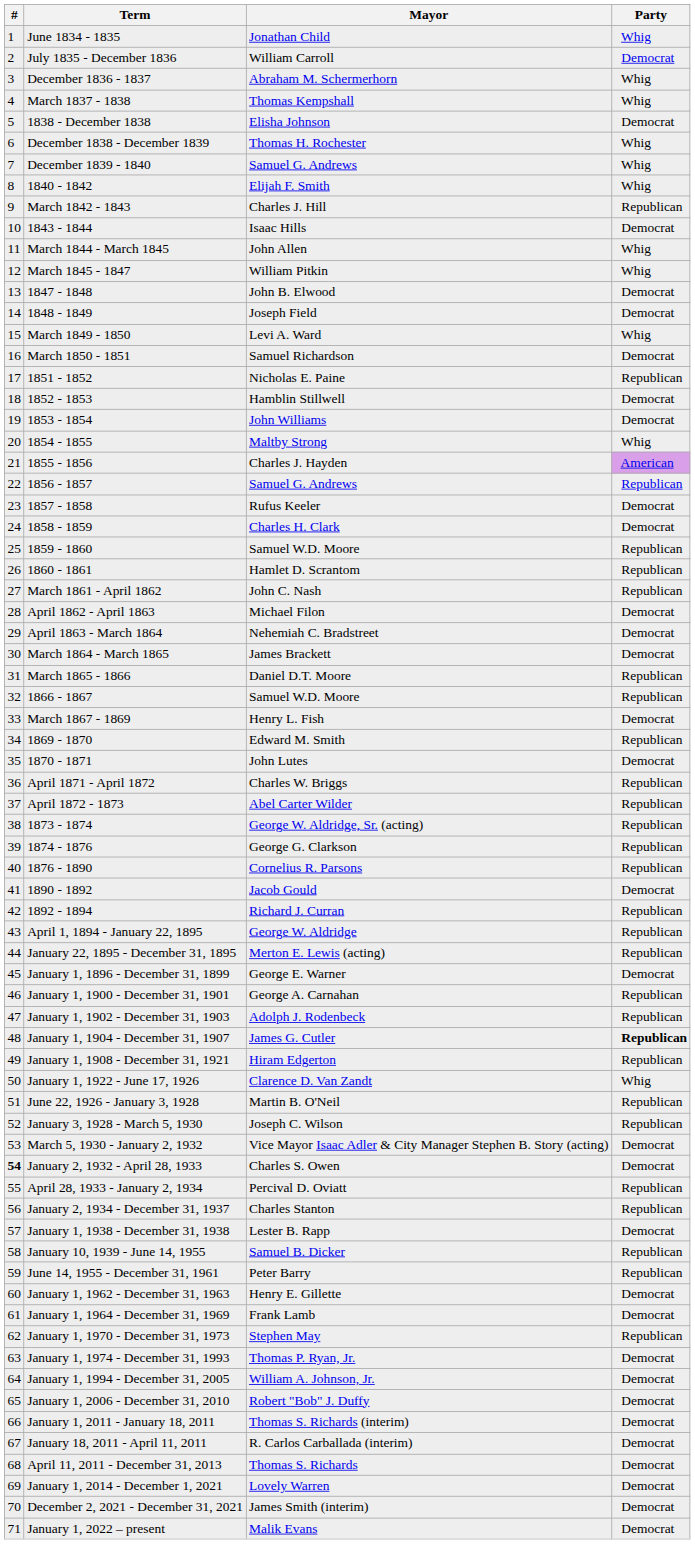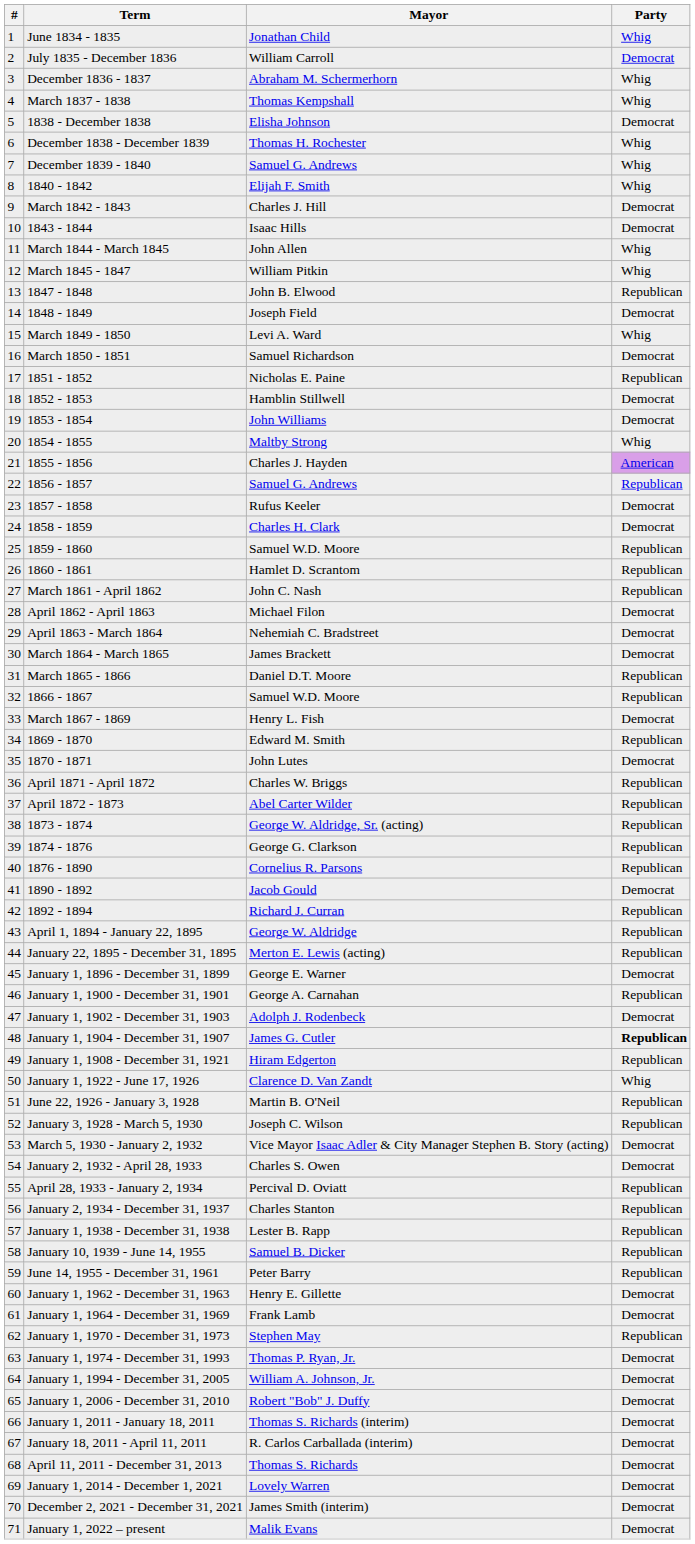 <table style="margin: 1em 1em 1em 0; background: #eeeeee; border: 1px #eee solid; border-collapse: collapse; font-size: 100%" class="wikitable">
 <tr>
 <th>#</th>
 <th>Term</th>
 <th>Mayor</th>
 <th>Party</th>
 </tr>
 <tr>
 <td>1</td>
 <td>June 1834 - 1835</td>
 <td><a href='#'>Jonathan Child</a></td>
 <td style="background: ">  <a href='#'>Whig</a></td>
 </tr>
 <tr>
 <td>2</td>
 <td>July 1835 - December 1836</td>
 <td>William Carroll</td>
 <td style="background: ">  <a href='#'>Democrat</a></td>
 </tr>
 <tr>
 <td>3</td>
 <td>December 1836 - 1837</td>
 <td><a href='#'>Abraham M. Schermerhorn</a></td>
 <td style="background: ">  Whig</td>
 </tr>
 <tr>
 <td>4</td>
 <td>March 1837 - 1838</td>
 <td><a href='#'>Thomas Kempshall</a></td>
 <td style="background: ">  Whig</td>
 </tr>
 <tr>
 <td>5</td>
 <td>1838 - December 1838</td>
 <td><a href='#'>Elisha Johnson</a></td>
 <td style="background: ">  Democrat</td>
 </tr>
 <tr>
 <td>6</td>
 <td>December 1838 - December 1839</td>
 <td><a href='#'>Thomas H. Rochester</a></td>
 <td style="background: ">  Whig</td>
 </tr>
 <tr>
 <td>7</td>
 <td>December 1839 - 1840</td>
 <td><a href='#'>Samuel G. Andrews</a></td>
 <td style="background: ">  Whig</td>
 </tr>
 <tr>
 <td>8</td>
 <td>1840 - 1842</td>
 <td><a href='#'>Elijah F. Smith</a></td>
 <td style="background: ">  Whig</td>
 </tr>
 <tr>
 <td>9</td>
 <td>March 1842 - 1843</td>
 <td>Charles J. Hill</td>
-<td style="background: ">  Republican</td>
+<td style="background: ">  Democrat</td>
 </tr>
 <tr>
 <td>10</td>
 <td>1843 - 1844</td>
 <td>Isaac Hills</td>
 <td style="background: ">  Democrat</td>
 </tr>
 <tr>
 <td>11</td>
 <td>March 1844 - March 1845</td>
 <td>John Allen</td>
 <td style="background: ">  Whig</td>
 </tr>
 <tr>
 <td>12</td>
 <td>March 1845 - 1847</td>
 <td>William Pitkin</td>
 <td style="background: ">  Whig</td>
 </tr>
 <tr>
 <td>13</td>
 <td>1847 - 1848</td>
 <td>John B. Elwood</td>
-<td style="background: ">  Democrat</td>
+<td style="background: ">  Republican</td>
 </tr>
 <tr>
 <td>14</td>
 <td>1848 - 1849</td>
 <td>Joseph Field</td>
 <td style="background: ">  Democrat</td>
 </tr>
 <tr>
 <td>15</td>
 <td>March 1849 - 1850</td>
 <td>Levi A. Ward</td>
 <td style="background: ">  Whig</td>
 </tr>
 <tr>
 <td>16</td>
 <td>March 1850 - 1851</td>
 <td>Samuel Richardson</td>
 <td style="background: ">  Democrat</td>
 </tr>
 <tr>
 <td>17</td>
 <td>1851 - 1852</td>
 <td>Nicholas E. Paine</td>
 <td style="background: ">  Republican</td>
 </tr>
 <tr>
 <td>18</td>
 <td>1852 - 1853</td>
 <td>Hamblin Stillwell</td>
 <td style="background: ">  Democrat</td>
 </tr>
 <tr>
 <td>19</td>
 <td>1853 - 1854</td>
 <td><a href='#'>John Williams</a></td>
 <td style="background: ">  Democrat</td>
 </tr>
 <tr>
 <td>20</td>
 <td>1854 - 1855</td>
 <td><a href='#'>Maltby Strong</a></td>
 <td style="background: ">  Whig</td>
 </tr>
 <tr>
 <td>21</td>
 <td>1855 - 1856</td>
 <td>Charles J. Hayden</td>
 <td style="background: #D99FE8;">  <a href='#'>American</a></td>
 </tr>
 <tr>
 <td>22</td>
 <td>1856 - 1857</td>
 <td><a href='#'>Samuel G. Andrews</a></td>
 <td style="background: ">  <a href='#'>Republican</a></td>
 </tr>
 <tr>
 <td>23</td>
 <td>1857 - 1858</td>
 <td>Rufus Keeler</td>
 <td style="background: ">  Democrat</td>
 </tr>
 <tr>
 <td>24</td>
 <td>1858 - 1859</td>
 <td><a href='#'>Charles H. Clark</a></td>
 <td style="background: ">  Democrat</td>
 </tr>
 <tr>
 <td>25</td>
 <td>1859 - 1860</td>
 <td>Samuel W.D. Moore</td>
 <td style="background: ">  Republican</td>
 </tr>
 <tr>
 <td>26</td>
 <td>1860 - 1861</td>
 <td>Hamlet D. Scrantom</td>
 <td style="background: ">  Republican</td>
 </tr>
 <tr>
 <td>27</td>
 <td>March 1861 - April 1862</td>
 <td>John C. Nash</td>
 <td style="background: ">  Republican</td>
 </tr>
 <tr>
 <td>28</td>
 <td>April 1862 - April 1863</td>
 <td>Michael Filon</td>
 <td style="background: ">  Democrat</td>
 </tr>
 <tr>
 <td>29</td>
 <td>April 1863 - March 1864</td>
 <td>Nehemiah C. Bradstreet</td>
 <td style="background: ">  Democrat</td>
 </tr>
 <tr>
 <td>30</td>
 <td>March 1864 - March 1865</td>
 <td>James Brackett</td>
 <td style="background: ">  Democrat</td>
 </tr>
 <tr>
 <td>31</td>
 <td>March 1865 - 1866</td>
 <td>Daniel D.T. Moore</td>
 <td style="background: ">  Republican</td>
 </tr>
 <tr>
 <td>32</td>
 <td>1866 - 1867</td>
 <td>Samuel W.D. Moore</td>
 <td style="background: ">  Republican</td>
 </tr>
 <tr>
 <td>33</td>
 <td>March 1867 - 1869</td>
 <td>Henry L. Fish</td>
 <td style="background: ">  Democrat</td>
 </tr>
 <tr>
 <td>34</td>
 <td>1869 - 1870</td>
 <td>Edward M. Smith</td>
 <td style="background: ">  Republican</td>
 </tr>
 <tr>
 <td>35</td>
 <td>1870 - 1871</td>
 <td>John Lutes</td>
 <td style="background: ">  Democrat</td>
 </tr>
 <tr>
 <td>36</td>
 <td>April 1871 - April 1872</td>
 <td>Charles W. Briggs</td>
 <td style="background: ">  Republican</td>
 </tr>
 <tr>
 <td>37</td>
 <td>April 1872 - 1873</td>
 <td><a href='#'>Abel Carter Wilder</a></td>
 <td style="background: ">  Republican</td>
 </tr>
 <tr>
 <td>38</td>
 <td>1873 - 1874</td>
 <td><a href='#'>George W. Aldridge, Sr.</a> (acting)</td>
 <td style="background: ">  Republican</td>
 </tr>
 <tr>
 <td>39</td>
 <td>1874 - 1876</td>
 <td>George G. Clarkson</td>
 <td style="background: ">  Republican</td>
 </tr>
 <tr>
 <td>40</td>
 <td>1876 - 1890</td>
 <td><a href='#'>Cornelius R. Parsons</a></td>
 <td style="background: ">  Republican</td>
 </tr>
 <tr>
 <td>41</td>
 <td>1890 - 1892</td>
 <td><a href='#'>Jacob Gould</a></td>
 <td style="background: ">  Democrat</td>
 </tr>
 <tr>
 <td>42</td>
 <td>1892 - 1894</td>
 <td><a href='#'>Richard J. Curran</a></td>
 <td style="background: ">  Republican</td>
 </tr>
 <tr>
 <td>43</td>
 <td>April 1, 1894 - January 22, 1895</td>
 <td><a href='#'>George W. Aldridge</a></td>
 <td style="background: ">  Republican</td>
 </tr>
 <tr>
 <td>44</td>
 <td>January 22, 1895 - December 31, 1895</td>
 <td><a href='#'>Merton E. Lewis</a> (acting)</td>
 <td style="background: ">  Republican</td>
 </tr>
 <tr>
 <td>45</td>
 <td>January 1, 1896 - December 31, 1899</td>
 <td>George E. Warner</td>
 <td style="background: ">  Democrat</td>
 </tr>
 <tr>
 <td>46</td>
 <td>January 1, 1900 - December 31, 1901</td>
 <td>George A. Carnahan</td>
 <td style="background: ">  Republican</td>
 </tr>
 <tr>
 <td>47</td>
 <td>January 1, 1902 - December 31, 1903</td>
 <td><a href='#'>Adolph J. Rodenbeck</a></td>
-<td style="background: ">  Republican</td>
+<td style="background: ">  Democrat</td>
 </tr>
 <tr>
 <td>48</td>
 <td>January 1, 1904 - December 31, 1907</td>
 <td><a href='#'>James G. Cutler</a></td>
 <td style="background: "><strong>  Republican</strong></td>
 </tr>
 <tr>
 <td>49</td>
 <td>January 1, 1908 - December 31, 1921</td>
 <td><a href='#'>Hiram Edgerton</a></td>
 <td style="background: ">  Republican</td>
 </tr>
 <tr>
 <td>50</td>
 <td>January 1, 1922 - June 17, 1926</td>
 <td><a href='#'>Clarence D. Van Zandt</a></td>
 <td style="background: ">  Whig</td>
 </tr>
 <tr>
 <td>51</td>
 <td>June 22, 1926 - January 3, 1928</td>
 <td>Martin B. O'Neil</td>
 <td style="background: ">  Republican</td>
 </tr>
 <tr>
 <td>52</td>
 <td>January 3, 1928 - March 5, 1930</td>
 <td>Joseph C. Wilson</td>
 <td style="background: ">  Republican</td>
 </tr>
 <tr>
 <td>53</td>
 <td>March 5, 1930 - January 2, 1932</td>
 <td>Vice Mayor <a href='#'>Isaac Adler</a>  & City Manager Stephen B. Story  (acting)</td>
 <td style="background: ">  Democrat</td>
 </tr>
 <tr>
-<td><strong>54</strong></td>
+<td>54</td>
 <td>January 2, 1932 - April 28, 1933</td>
 <td>Charles S. Owen</td>
 <td style="background: ">  Democrat</td>
 </tr>
 <tr>
 <td>55</td>
 <td>April 28, 1933 - January 2, 1934</td>
 <td>Percival D. Oviatt</td>
 <td style="background: ">  Republican</td>
 </tr>
 <tr>
 <td>56</td>
 <td>January 2, 1934 - December 31, 1937</td>
 <td>Charles Stanton</td>
 <td style="background: ">  Republican</td>
 </tr>
 <tr>
 <td>57</td>
 <td>January 1, 1938 - December 31, 1938</td>
 <td>Lester B. Rapp</td>
-<td style="background: ">  Democrat</td>
+<td style="background: ">  Republican</td>
 </tr>
 <tr>
 <td>58</td>
 <td>January 10, 1939 - June 14, 1955</td>
 <td><a href='#'>Samuel B. Dicker</a></td>
 <td style="background: ">  Republican</td>
 </tr>
 <tr>
 <td>59</td>
 <td>June 14, 1955 - December 31, 1961</td>
 <td>Peter Barry</td>
 <td style="background: ">  Republican</td>
 </tr>
 <tr>
 <td>60</td>
 <td>January 1, 1962 - December 31, 1963</td>
 <td>Henry E. Gillette</td>
 <td style="background: ">  Democrat</td>
 </tr>
 <tr>
 <td>61</td>
 <td>January 1, 1964 - December 31, 1969</td>
 <td>Frank Lamb</td>
 <td style="background: ">  Democrat</td>
 </tr>
 <tr>
 <td>62</td>
 <td>January 1, 1970 - December 31, 1973</td>
 <td><a href='#'>Stephen May</a></td>
 <td style="background: ">  Republican</td>
 </tr>
 <tr>
 <td>63</td>
 <td>January 1, 1974 - December 31, 1993</td>
 <td><a href='#'>Thomas P. Ryan, Jr.</a></td>
 <td style="background: ">  Democrat</td>
 </tr>
 <tr>
 <td>64</td>
 <td>January 1, 1994 - December 31, 2005</td>
 <td><a href='#'>William A. Johnson, Jr.</a></td>
 <td style="background: ">  Democrat</td>
 </tr>
 <tr>
 <td>65</td>
 <td>January 1, 2006 - December 31, 2010</td>
 <td><a href='#'>Robert "Bob" J. Duffy</a></td>
 <td style="background: ">  Democrat</td>
 </tr>
 <tr>
 <td>66</td>
 <td>January 1, 2011 - January 18, 2011</td>
 <td><a href='#'>Thomas S. Richards</a> (interim)</td>
 <td style="background: ">  Democrat</td>
 </tr>
 <tr>
 <td>67</td>
 <td>January 18, 2011 - April 11, 2011</td>
 <td>R. Carlos Carballada (interim)</td>
 <td style="background: ">  Democrat</td>
 </tr>
 <tr>
 <td>68</td>
 <td>April 11, 2011  - December 31, 2013</td>
 <td><a href='#'>Thomas S. Richards</a></td>
 <td style="background: ">  Democrat</td>
 </tr>
 <tr>
 <td>69</td>
 <td>January 1, 2014 - December 1, 2021</td>
 <td><a href='#'>Lovely Warren</a></td>
 <td style="background: ">  Democrat</td>
 </tr>
 <tr>
 <td>70</td>
 <td>December 2, 2021 - December 31, 2021</td>
 <td>James Smith (interim)</td>
 <td style="background: ">  Democrat</td>
 </tr>
 <tr>
 <td>71</td>
 <td>January 1, 2022 – present</td>
 <td><a href='#'>Malik Evans</a></td>
 <td style="background: ">  Democrat</td>
 </tr>
 <tr>
 </tr>
 </table>
